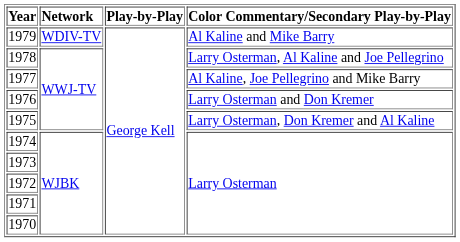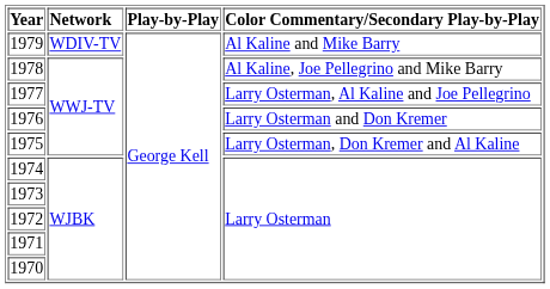 <table border="1" cellpadding="1">
 <tr>
 <td><strong>Year</strong></td>
 <td><strong>Network</strong></td>
 <td><strong>Play-by-Play</strong></td>
 <td><strong>Color Commentary/Secondary Play-by-Play</strong></td>
 </tr>
 <tr>
 <td>1979</td>
 <td><a href='#'>WDIV-TV</a></td>
 <td rowspan=10><a href='#'>George Kell</a></td>
 <td><a href='#'>Al Kaline</a> and <a href='#'>Mike Barry</a></td>
 </tr>
 <tr>
 <td>1978</td>
 <td rowspan=4><a href='#'>WWJ-TV</a></td>
-<td><a href='#'>Larry Osterman</a>, <a href='#'>Al Kaline</a> and <a href='#'>Joe Pellegrino</a></td>
+<td><a href='#'>Al Kaline</a>, <a href='#'>Joe Pellegrino</a> and Mike Barry</td>
 </tr>
 <tr>
 <td>1977</td>
-<td><a href='#'>Al Kaline</a>, <a href='#'>Joe Pellegrino</a> and Mike Barry</td>
+<td><a href='#'>Larry Osterman</a>, <a href='#'>Al Kaline</a> and <a href='#'>Joe Pellegrino</a></td>
 </tr>
 <tr>
 <td>1976</td>
 <td><a href='#'>Larry Osterman</a> and <a href='#'>Don Kremer</a></td>
 </tr>
 <tr>
 <td>1975</td>
 <td><a href='#'>Larry Osterman</a>, <a href='#'>Don Kremer</a> and <a href='#'>Al Kaline</a></td>
 </tr>
 <tr>
 <td>1974</td>
 <td rowspan=5><a href='#'>WJBK</a></td>
 <td rowspan=5><a href='#'>Larry Osterman</a></td>
 </tr>
 <tr>
 <td>1973</td>
 </tr>
 <tr>
 <td>1972</td>
 </tr>
 <tr>
 <td>1971</td>
 </tr>
 <tr>
 <td>1970</td>
 </tr>
 </table>
